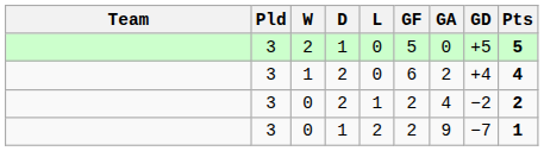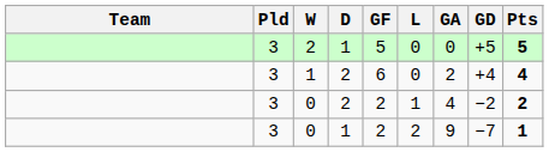 <table class="wikitable" style="text-align:center;">
 <tr>
 <th width=180>Team</th>
 <th width=20>Pld</th>
 <th width=20>W</th>
 <th width=20>D</th>
+<th width=20>GF</th>
 <th width=20>L</th>
-<th width=20>GF</th>
 <th width=20>GA</th>
 <th width=20>GD</th>
 <th width=20>Pts</th>
 </tr>
 <tr bgcolor="ccffcc">
 <td align="left"></td>
 <td>3</td>
 <td>2</td>
 <td>1</td>
+<td>5</td>
 <td>0</td>
-<td>5</td>
 <td>0</td>
 <td>+5</td>
 <td><strong>5</strong></td>
 </tr>
 <tr>
 <td align="left"></td>
 <td>3</td>
 <td>1</td>
 <td>2</td>
+<td>6</td>
 <td>0</td>
-<td>6</td>
 <td>2</td>
 <td>+4</td>
 <td><strong>4</strong></td>
 </tr>
 <tr>
 <td align="left"></td>
 <td>3</td>
 <td>0</td>
 <td>2</td>
+<td>2</td>
 <td>1</td>
-<td>2</td>
 <td>4</td>
 <td>−2</td>
 <td><strong>2</strong></td>
 </tr>
 <tr>
 <td align="left"></td>
 <td>3</td>
 <td>0</td>
 <td>1</td>
 <td>2</td>
 <td>2</td>
 <td>9</td>
 <td>−7</td>
 <td><strong>1</strong></td>
 </tr>
 </table>
